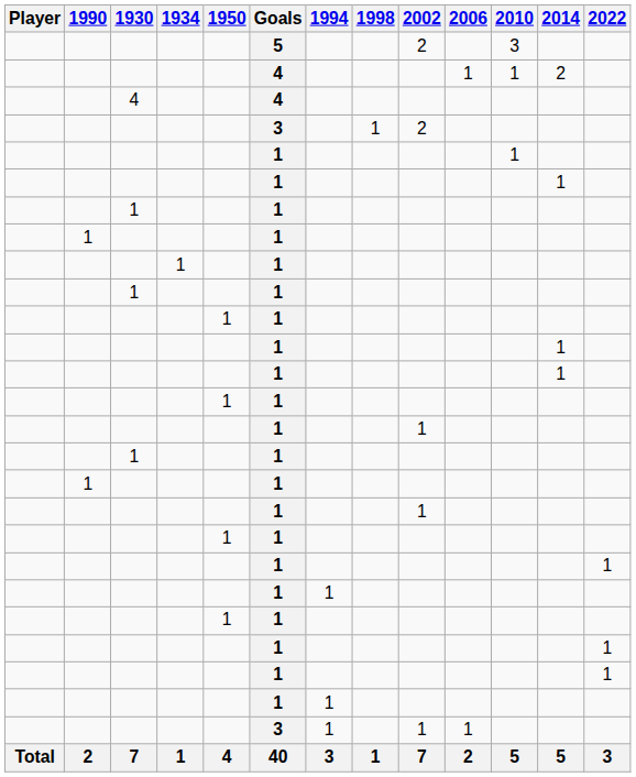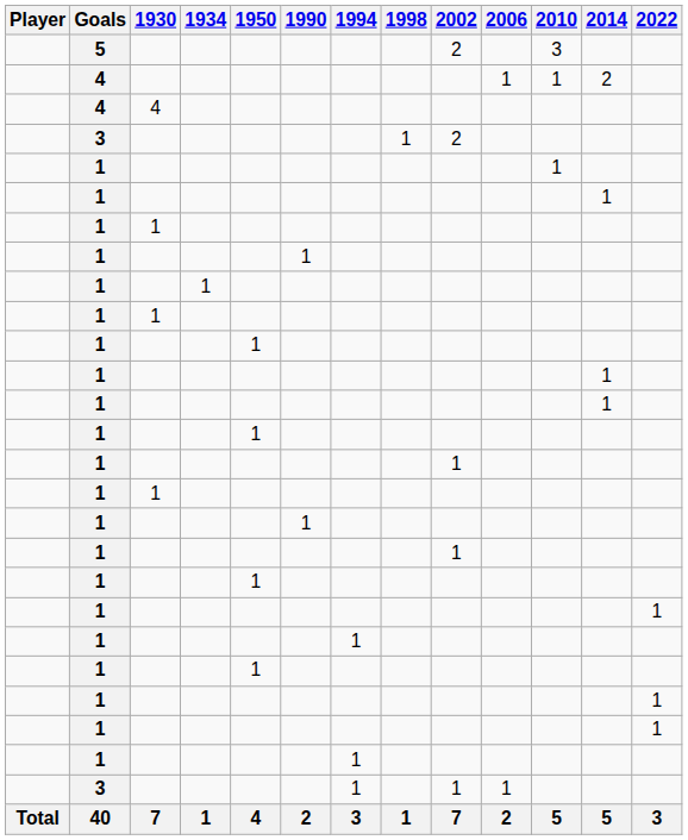 <table class="wikitable sortable" style="text-align:center;">
 <tr>
 <th>Player</th>
-<th><a href='#'>1990</a></th>
+<th>Goals</th>
 <th><a href='#'>1930</a></th>
 <th><a href='#'>1934</a></th>
 <th><a href='#'>1950</a></th>
-<th>Goals</th>
+<th><a href='#'>1990</a></th>
 <th><a href='#'>1994</a></th>
 <th><a href='#'>1998</a></th>
 <th><a href='#'>2002</a></th>
 <th><a href='#'>2006</a></th>
 <th><a href='#'>2010</a></th>
 <th><a href='#'>2014</a></th>
 <th><a href='#'>2022</a></th>
 </tr>
 <tr>
 <td style="text-align:left;"></td>
+<th>5</th>
 <td></td>
 <td></td>
 <td></td>
 <td></td>
-<th>5</th>
 <td></td>
 <td></td>
 <td>2</td>
 <td></td>
 <td>3</td>
 <td></td>
 <td></td>
 </tr>
 <tr>
 <td style="text-align:left;"></td>
+<th>4</th>
 <td></td>
 <td></td>
 <td></td>
 <td></td>
-<th>4</th>
 <td></td>
 <td></td>
 <td></td>
 <td>1</td>
 <td>1</td>
 <td>2</td>
 <td></td>
 </tr>
 <tr>
 <td style="text-align:left;"></td>
-<td></td>
+<th>4</th>
 <td>4</td>
 <td></td>
 <td></td>
-<th>4</th>
+<td></td>
 <td></td>
 <td></td>
 <td></td>
 <td></td>
 <td></td>
 <td></td>
 <td></td>
 </tr>
 <tr>
 <td style="text-align:left;"></td>
+<th>3</th>
 <td></td>
 <td></td>
 <td></td>
 <td></td>
-<th>3</th>
 <td></td>
 <td>1</td>
 <td>2</td>
 <td></td>
 <td></td>
 <td></td>
 <td></td>
 </tr>
 <tr>
 <td style="text-align:left;"></td>
+<th>1</th>
 <td></td>
 <td></td>
 <td></td>
 <td></td>
-<th>1</th>
 <td></td>
 <td></td>
 <td></td>
 <td></td>
 <td>1</td>
 <td></td>
 <td></td>
 </tr>
 <tr>
 <td style="text-align:left;"></td>
+<th>1</th>
 <td></td>
 <td></td>
 <td></td>
 <td></td>
-<th>1</th>
 <td></td>
 <td></td>
 <td></td>
 <td></td>
 <td></td>
 <td>1</td>
 <td></td>
 </tr>
 <tr>
 <td style="text-align:left;"></td>
-<td></td>
+<th>1</th>
 <td>1</td>
 <td></td>
 <td></td>
-<th>1</th>
+<td></td>
 <td></td>
 <td></td>
 <td></td>
 <td></td>
 <td></td>
 <td></td>
 <td></td>
 </tr>
 <tr>
 <td style="text-align:left;"></td>
-<td>1</td>
+<th>1</th>
 <td></td>
 <td></td>
 <td></td>
-<th>1</th>
+<td>1</td>
 <td></td>
 <td></td>
 <td></td>
 <td></td>
 <td></td>
 <td></td>
 <td></td>
 </tr>
 <tr>
 <td style="text-align:left;"></td>
-<td></td>
+<th>1</th>
 <td></td>
 <td>1</td>
 <td></td>
-<th>1</th>
+<td></td>
 <td></td>
 <td></td>
 <td></td>
 <td></td>
 <td></td>
 <td></td>
 <td></td>
 </tr>
 <tr>
 <td style="text-align:left;"></td>
-<td></td>
+<th>1</th>
 <td>1</td>
 <td></td>
 <td></td>
-<th>1</th>
+<td></td>
 <td></td>
 <td></td>
 <td></td>
 <td></td>
 <td></td>
 <td></td>
 <td></td>
 </tr>
 <tr>
 <td style="text-align:left;"></td>
-<td></td>
+<th>1</th>
 <td></td>
 <td></td>
 <td>1</td>
-<th>1</th>
+<td></td>
 <td></td>
 <td></td>
 <td></td>
 <td></td>
 <td></td>
 <td></td>
 <td></td>
 </tr>
 <tr>
 <td style="text-align:left;"></td>
+<th>1</th>
 <td></td>
 <td></td>
 <td></td>
 <td></td>
-<th>1</th>
 <td></td>
 <td></td>
 <td></td>
 <td></td>
 <td></td>
 <td>1</td>
 <td></td>
 </tr>
 <tr>
 <td style="text-align:left;"></td>
+<th>1</th>
 <td></td>
 <td></td>
 <td></td>
 <td></td>
-<th>1</th>
 <td></td>
 <td></td>
 <td></td>
 <td></td>
 <td></td>
 <td>1</td>
 <td></td>
 </tr>
 <tr>
 <td style="text-align:left;"></td>
-<td></td>
+<th>1</th>
 <td></td>
 <td></td>
 <td>1</td>
-<th>1</th>
+<td></td>
 <td></td>
 <td></td>
 <td></td>
 <td></td>
 <td></td>
 <td></td>
 <td></td>
 </tr>
 <tr>
 <td style="text-align:left;"></td>
+<th>1</th>
 <td></td>
 <td></td>
 <td></td>
 <td></td>
-<th>1</th>
 <td></td>
 <td></td>
 <td>1</td>
 <td></td>
 <td></td>
 <td></td>
 <td></td>
 </tr>
 <tr>
 <td style="text-align:left;"></td>
-<td></td>
+<th>1</th>
 <td>1</td>
 <td></td>
 <td></td>
-<th>1</th>
+<td></td>
 <td></td>
 <td></td>
 <td></td>
 <td></td>
 <td></td>
 <td></td>
 <td></td>
 </tr>
 <tr>
 <td style="text-align:left;"></td>
-<td>1</td>
+<th>1</th>
 <td></td>
 <td></td>
 <td></td>
-<th>1</th>
+<td>1</td>
 <td></td>
 <td></td>
 <td></td>
 <td></td>
 <td></td>
 <td></td>
 <td></td>
 </tr>
 <tr>
 <td style="text-align:left;"></td>
+<th>1</th>
 <td></td>
 <td></td>
 <td></td>
 <td></td>
-<th>1</th>
 <td></td>
 <td></td>
 <td>1</td>
 <td></td>
 <td></td>
 <td></td>
 <td></td>
 </tr>
 <tr>
 <td style="text-align:left;"></td>
-<td></td>
+<th>1</th>
 <td></td>
 <td></td>
 <td>1</td>
-<th>1</th>
+<td></td>
 <td></td>
 <td></td>
 <td></td>
 <td></td>
 <td></td>
 <td></td>
 <td></td>
 </tr>
 <tr>
 <td style="text-align:left;"></td>
+<th>1</th>
 <td></td>
 <td></td>
 <td></td>
 <td></td>
-<th>1</th>
 <td></td>
 <td></td>
 <td></td>
 <td></td>
 <td></td>
 <td></td>
 <td>1</td>
 </tr>
 <tr>
 <td style="text-align:left;"></td>
+<th>1</th>
 <td></td>
 <td></td>
 <td></td>
 <td></td>
-<th>1</th>
 <td>1</td>
 <td></td>
 <td></td>
 <td></td>
 <td></td>
 <td></td>
 <td></td>
 </tr>
 <tr>
 <td style="text-align:left;"></td>
-<td></td>
+<th>1</th>
 <td></td>
 <td></td>
 <td>1</td>
-<th>1</th>
+<td></td>
 <td></td>
 <td></td>
 <td></td>
 <td></td>
 <td></td>
 <td></td>
 <td></td>
 </tr>
 <tr>
 <td style="text-align:left;"></td>
+<th>1</th>
 <td></td>
 <td></td>
 <td></td>
 <td></td>
-<th>1</th>
 <td></td>
 <td></td>
 <td></td>
 <td></td>
 <td></td>
 <td></td>
 <td>1</td>
 </tr>
 <tr>
 <td style="text-align:left;"></td>
+<th>1</th>
 <td></td>
 <td></td>
 <td></td>
 <td></td>
-<th>1</th>
 <td></td>
 <td></td>
 <td></td>
 <td></td>
 <td></td>
 <td></td>
 <td>1</td>
 </tr>
 <tr>
 <td style="text-align:left;"></td>
+<th>1</th>
 <td></td>
 <td></td>
 <td></td>
 <td></td>
-<th>1</th>
 <td>1</td>
 <td></td>
 <td></td>
 <td></td>
 <td></td>
 <td></td>
 <td></td>
 </tr>
 <tr>
 <td style="text-align:left;"></td>
+<th>3</th>
 <td></td>
 <td></td>
 <td></td>
 <td></td>
-<th>3</th>
 <td>1</td>
 <td></td>
 <td>1</td>
 <td>1</td>
 <td></td>
 <td></td>
 <td></td>
 </tr>
 <tr class="sortbottom">
 <th>Total</th>
-<th>2</th>
+<th>40</th>
 <th>7</th>
 <th>1</th>
 <th>4</th>
-<th>40</th>
+<th>2</th>
 <th>3</th>
 <th>1</th>
 <th>7</th>
 <th>2</th>
 <th>5</th>
 <th>5</th>
 <th>3</th>
 </tr>
 </table>
